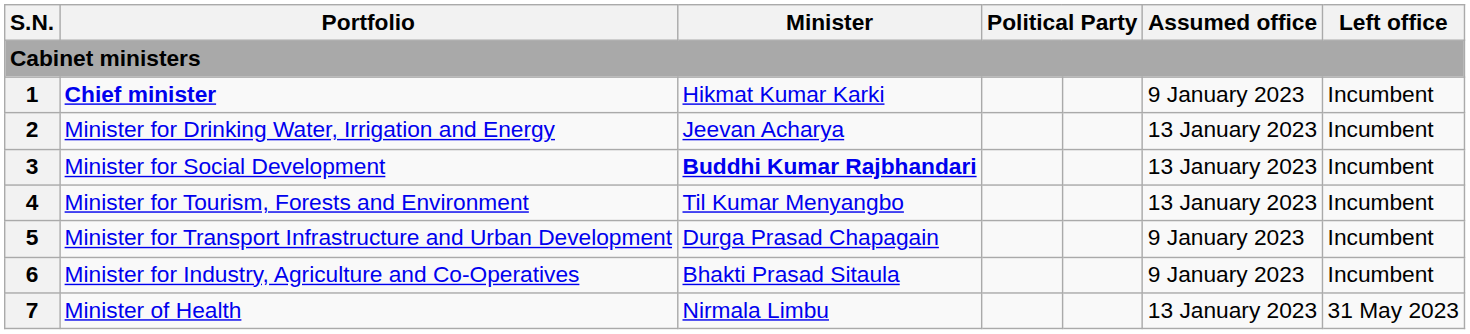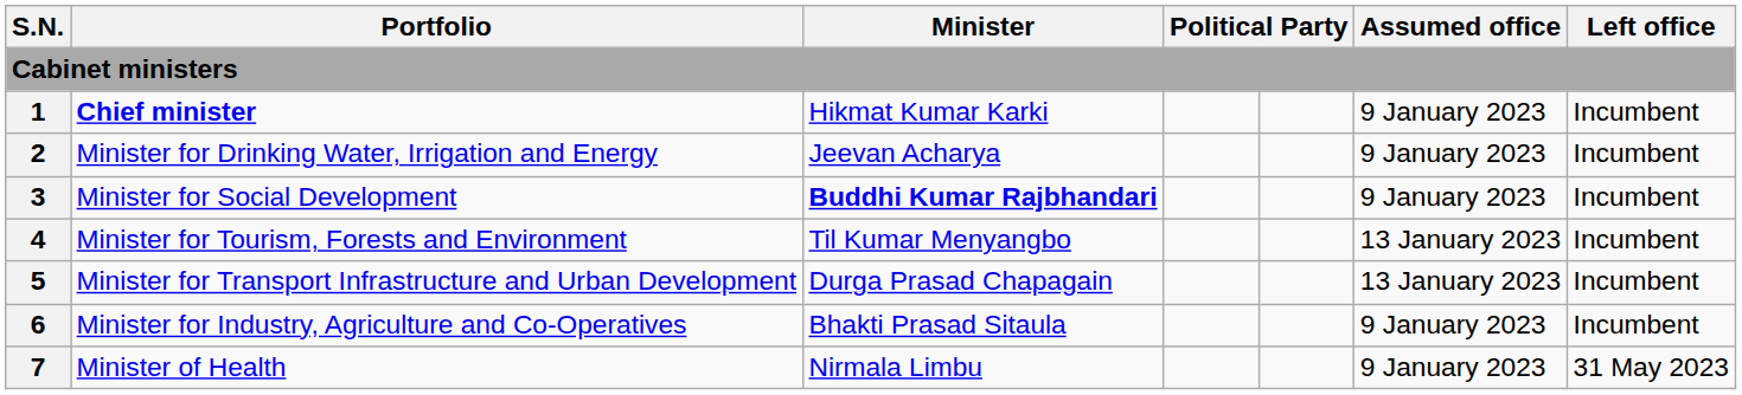 <table class="wikitable">
 <tr>
 <th>S.N.</th>
 <th>Portfolio</th>
 <th>Minister</th>
 <th colspan="2">Political Party</th>
 <th>Assumed office</th>
 <th>Left office</th>
 </tr>
 <tr>
 <td colspan="7" bgcolor="darkgrey"><strong>Cabinet ministers</strong></td>
 </tr>
 <tr>
 <th>1</th>
 <td><strong><a href='#'>Chief minister</a></strong><br></td>
 <td><a href='#'>Hikmat Kumar Karki</a></td>
 <td></td>
 <td></td>
 <td>9 January 2023</td>
 <td>Incumbent</td>
 </tr>
 <tr>
 <th>2</th>
 <td><a href='#'>Minister for Drinking Water, Irrigation and Energy</a></td>
 <td><a href='#'>Jeevan Acharya</a></td>
 <td></td>
 <td></td>
-<td>13 January 2023</td>
+<td>9 January 2023</td>
 <td>Incumbent</td>
 </tr>
 <tr>
 <th>3</th>
 <td><a href='#'>Minister for Social Development</a></td>
 <td><strong><a href='#'>Buddhi Kumar Rajbhandari</a></strong></td>
 <td></td>
 <td></td>
-<td>13 January 2023</td>
+<td>9 January 2023</td>
 <td>Incumbent</td>
 </tr>
 <tr>
 <th>4</th>
 <td><a href='#'>Minister for Tourism, Forests and Environment</a></td>
 <td><a href='#'>Til Kumar Menyangbo</a></td>
 <td></td>
 <td></td>
 <td>13 January 2023</td>
 <td>Incumbent</td>
 </tr>
 <tr>
 <th>5</th>
 <td><a href='#'>Minister for Transport Infrastructure and Urban Development</a></td>
 <td><a href='#'>Durga Prasad Chapagain</a></td>
 <td></td>
 <td></td>
-<td>9 January 2023</td>
+<td>13 January 2023</td>
 <td>Incumbent</td>
 </tr>
 <tr>
 <th>6</th>
 <td><a href='#'>Minister for Industry, Agriculture and Co-Operatives</a></td>
 <td><a href='#'>Bhakti Prasad Sitaula</a></td>
 <td></td>
 <td></td>
 <td>9 January 2023</td>
 <td>Incumbent</td>
 </tr>
 <tr>
 <th>7</th>
 <td><a href='#'>Minister of Health</a></td>
 <td><a href='#'>Nirmala Limbu</a></td>
 <td></td>
 <td></td>
-<td>13 January 2023</td>
+<td>9 January 2023</td>
 <td>31 May 2023</td>
 </tr>
 </table>
